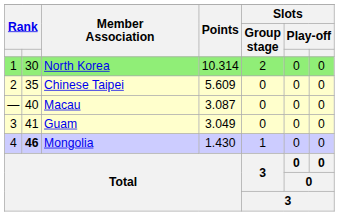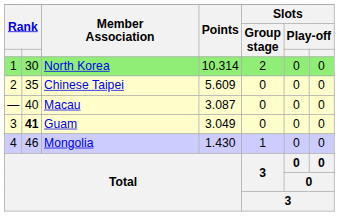 <table class="wikitable" style="text-align:center">
 <tr>
 </tr>
 <tr>
 <th colspan=2 rowspan=2><a href='#'>Rank</a></th>
 <th rowspan=3 width=200>Member<br>Association</th>
 <th rowspan=3>Points</th>
 <th colspan=4>Slots</th>
 </tr>
 <tr>
 <th rowspan=2>Group<br>stage</th>
 <th colspan=2>Play-off</th>
 </tr>
 <tr>
 <th></th>
 <th></th>
 <th></th>
 <th></th>
 </tr>
 <tr bgcolor=#90ee77>
 <td>1</td>
 <td>30</td>
 <td align=left> <a href='#'>North Korea</a></td>
 <td>10.314</td>
 <td>2</td>
 <td>0</td>
 <td>0</td>
 </tr>
 <tr bgcolor=#ffffcc>
 <td>2</td>
 <td>35</td>
 <td align=left> <a href='#'>Chinese Taipei</a></td>
 <td>5.609</td>
 <td>0</td>
 <td>0</td>
 <td>0</td>
 </tr>
 <tr bgcolor=#ffffcc>
 <td>—</td>
 <td>40</td>
 <td align=left> <a href='#'>Macau</a></td>
 <td>3.087</td>
 <td>0</td>
 <td>0</td>
 <td>0</td>
 </tr>
 <tr bgcolor=#ffffcc>
 <td>3</td>
-<td>41</td>
+<td><strong>41</strong></td>
 <td align=left> <a href='#'>Guam</a></td>
 <td>3.049</td>
 <td>0</td>
 <td>0</td>
 <td>0</td>
 </tr>
 <tr bgcolor=#ccccff>
 <td>4</td>
-<td><strong>46</strong></td>
+<td>46</td>
 <td align=left> <a href='#'>Mongolia</a></td>
 <td>1.430</td>
 <td>1</td>
 <td>0</td>
 <td>0</td>
 </tr>
 <tr>
 <th colspan=4 rowspan=3>Total</th>
 <th rowspan=2>3</th>
 <th>0</th>
 <th>0</th>
 </tr>
 <tr>
 <th colspan=2>0</th>
 </tr>
 <tr>
 <th colspan=3>3</th>
 </tr>
 </table>
